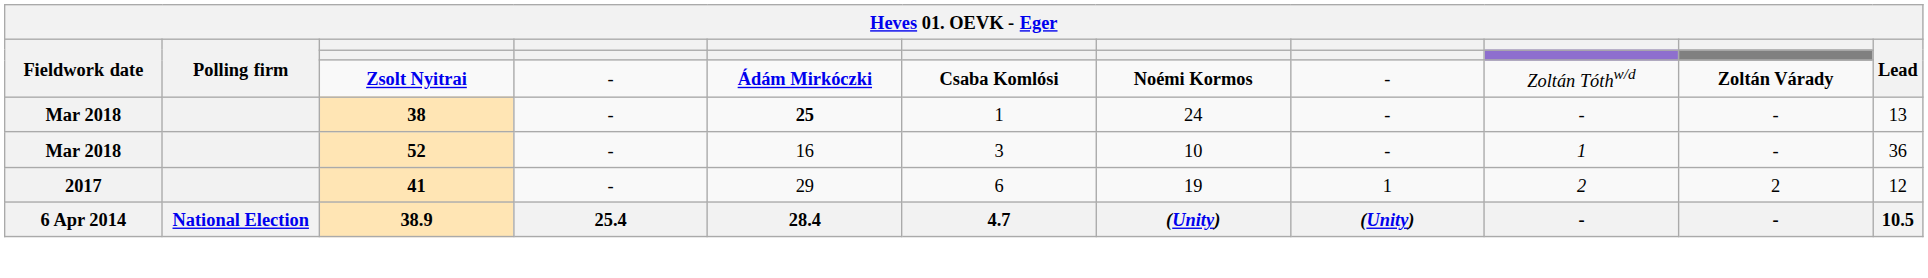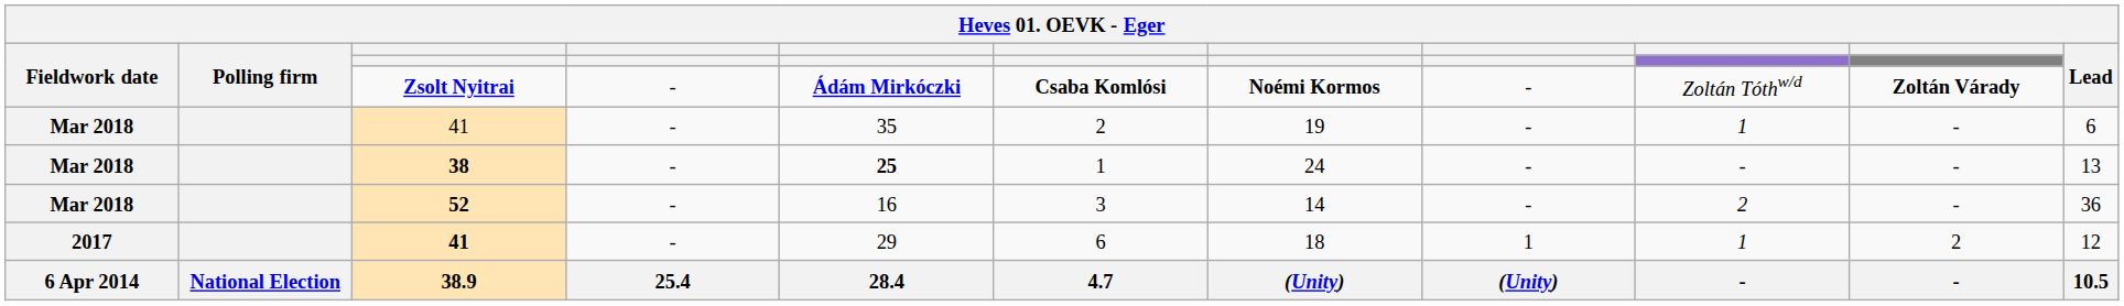 <table class="wikitable mw-collapsible mw-collapsed" style="text-align:center">
 <tr>
 <th colspan="11" style="width: 980pt;"><small><a href='#'>Heves</a> 01. OEVK -</small> <a href='#'><small>Eger</small></a></th>
 </tr>
 <tr>
 <th rowspan="3" style="width: 80pt;"><small>Fieldwork</small> <small>date</small></th>
 <th rowspan="3" style="width: 80pt;"><strong><small>Polling</small> <small>firm</small></strong></th>
 <th style="width: 100pt;"><small></small></th>
 <th style="width: 100pt;"><small> </small></th>
 <th style="width: 100pt;"></th>
 <th style="width: 100pt;"></th>
 <th style="width: 100pt;"></th>
 <th style="width: 100pt;"></th>
 <th style="width: 100pt;"></th>
 <th style="width: 100pt;"></th>
 <th rowspan="3" style="width: 20pt;"><small>Lead</small></th>
 </tr>
 <tr>
 <th style="color:inherit;background:"></th>
 <th style="color:inherit;background:"></th>
 <th style="color:inherit;background:"></th>
 <th style="color:inherit;background:"></th>
 <th style="color:inherit;background:"></th>
 <th style="color:inherit;background:"></th>
 <th style="color:inherit;background:#8E6FCE;"></th>
 <th style="color:inherit;background:#808080;"></th>
 </tr>
 <tr>
 <td><a href='#'><small><strong>Zsolt Nyitrai</strong></small></a></td>
 <td><small>-</small></td>
 <td><a href='#'><small><strong>Ádám Mirkóczki</strong></small></a></td>
 <td><small><strong>Csaba Komlósi</strong></small></td>
 <td><small><strong>Noémi Kormos</strong></small></td>
 <td><small>-</small></td>
 <td><small><em>Zoltán Tóth<sup>w/d</sup></em></small></td>
 <td><small><strong>Zoltán Várady</strong></small></td>
 </tr>
 <tr>
 <th><small>Mar 2018</small></th>
+<th></th>
+<td style="background:#FFE5B4"><small>41</small></td>
+<td><small>-</small></td>
+<td><small>35</small></td>
+<td><small>2</small></td>
+<td><small>19</small></td>
+<td><small>-</small></td>
+<td><small><em>1</em></small></td>
+<td><small>-</small></td>
+<td style="background:"><small>6</small></td>
+</tr>
+<tr>
+<th><small>Mar 2018</small></th>
 <th><small></small></th>
 <td style="background:#FFE5B4"><small><strong>38</strong></small></td>
 <td><small>-</small></td>
 <td><strong><small>25</small></strong></td>
 <td><small>1</small></td>
 <td><small>24</small></td>
 <td><small>-</small></td>
 <td><small><em>-</em></small></td>
 <td><small>-</small></td>
 <td style="background:"><small>13</small></td>
 </tr>
 <tr>
 <th><small>Mar 2018</small></th>
 <th><small></small></th>
 <td style="background:#FFE5B4"><small><strong>52</strong></small></td>
 <td><small>-</small></td>
 <td><small>16</small></td>
 <td><small>3</small></td>
-<td><small>10</small></td>
+<td><small>14</small></td>
 <td><small>-</small></td>
-<td><small><em>1</em></small></td>
+<td><small><em>2</em></small></td>
 <td><small>-</small></td>
 <td style="background:"><small>36</small></td>
 </tr>
 <tr>
 <th><small>2017</small></th>
 <th><small></small></th>
 <td style="background:#FFE5B4"><small><strong>41</strong></small></td>
 <td><small>-</small></td>
 <td><small>29</small></td>
 <td><small>6</small></td>
-<td><small>19</small></td>
+<td><small>18</small></td>
 <td><small>1</small></td>
-<td><small><em>2</em></small></td>
+<td><small><em>1</em></small></td>
 <td><small>2</small></td>
 <td style="background:"><small>12</small></td>
 </tr>
 <tr>
 <th><small>6 Apr 2014</small></th>
 <th><a href='#'><small>National Election</small></a></th>
 <th style="background:#FFE5B4"><small>38.9</small></th>
 <th><small>25.4</small></th>
 <th><small>28.4</small></th>
 <th><small>4.7</small></th>
 <th><small><em>(<a href='#'>Unity</a>)</em></small></th>
 <th><small><em>(<a href='#'>Unity</a>)</em></small></th>
 <th><small>-</small></th>
 <th><small>-</small></th>
 <th style="background:"><small>10.5</small></th>
 </tr>
 </table>
